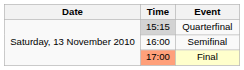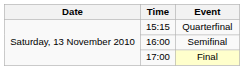 <table class = "wikitable" style="text-align:center;">
 <tr>
 <th width=220>Date</th>
 <th width=50>Time</th>
 <th width=100>Event</th>
 </tr>
 <tr>
 <td rowspan=3>Saturday, 13 November 2010</td>
-<td style="background: lightgrey;">15:15</td>
+<td>15:15</td>
 <td>Quarterfinal</td>
 </tr>
 <tr>
 <td>16:00</td>
 <td>Semifinal</td>
 </tr>
 <tr>
-<td style="background: lightsalmon;">17:00</td>
+<td>17:00</td>
 <td bgcolor=ffffcc>Final</td>
 </tr>
 </table>
